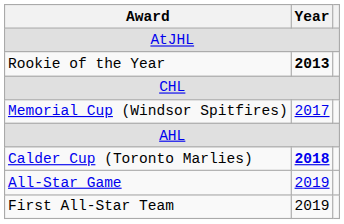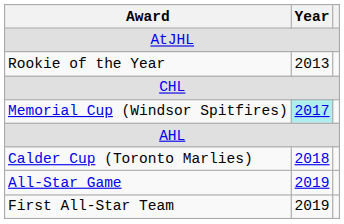 <table class="wikitable">
 <tr>
 <th>Award</th>
 <th>Year</th>
 <th></th>
 </tr>
 <tr ALIGN="center" bgcolor="#e0e0e0">
 <td colspan="3"><a href='#'>AtJHL</a></td>
 </tr>
 <tr>
 <td>Rookie of the Year</td>
-<td><strong>2013</strong></td>
+<td>2013</td>
 <td></td>
 </tr>
 <tr ALIGN="center" bgcolor="#e0e0e0">
 <td colspan="3"><a href='#'>CHL</a></td>
 </tr>
 <tr>
 <td><a href='#'>Memorial Cup</a> (Windsor Spitfires)</td>
-<td><a href='#'>2017</a></td>
+<td style="background: paleturquoise;"><a href='#'>2017</a></td>
 <td></td>
 </tr>
 <tr ALIGN="center" bgcolor="#e0e0e0">
 <td colspan="3"><a href='#'>AHL</a></td>
 </tr>
 <tr>
 <td><a href='#'>Calder Cup</a> (Toronto Marlies)</td>
-<td><strong><a href='#'>2018</a></strong></td>
+<td><a href='#'>2018</a></td>
 <td></td>
 </tr>
 <tr>
 <td><a href='#'>All-Star Game</a></td>
 <td><a href='#'>2019</a></td>
 <td></td>
 </tr>
 <tr>
 <td>First All-Star Team</td>
 <td>2019</td>
 <td></td>
 </tr>
 </table>
